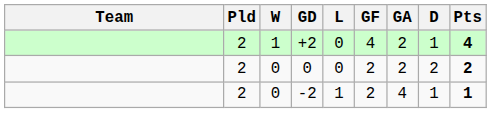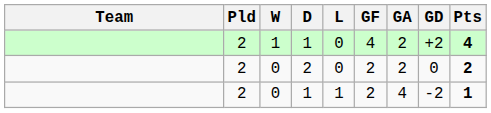 <table class="wikitable" style="text-align: center;">
 <tr>
 <th width=175>Team</th>
 <th width=20 abbr="Played">Pld</th>
 <th width=20 abbr="Won">W</th>
-<th width=20 abbr="Goal difference">GD</th>
+<th width=20 abbr="Drawn">D</th>
 <th width=20 abbr="Lost">L</th>
 <th width=20 abbr="Goals for">GF</th>
 <th width=20 abbr="Goals against">GA</th>
-<th width=20 abbr="Drawn">D</th>
+<th width=20 abbr="Goal difference">GD</th>
 <th width=20 abbr="Points">Pts</th>
 </tr>
 <tr bgcolor="#ccffcc">
 <td align=left></td>
 <td>2</td>
 <td>1</td>
-<td>+2</td>
+<td>1</td>
 <td>0</td>
 <td>4</td>
 <td>2</td>
-<td>1</td>
+<td>+2</td>
 <td><strong>4</strong></td>
 </tr>
 <tr>
 <td align=left></td>
 <td>2</td>
 <td>0</td>
-<td>0</td>
+<td>2</td>
 <td>0</td>
 <td>2</td>
 <td>2</td>
-<td>2</td>
+<td>0</td>
 <td><strong>2</strong></td>
 </tr>
 <tr>
 <td align=left></td>
 <td>2</td>
 <td>0</td>
-<td>-2</td>
+<td>1</td>
 <td>1</td>
 <td>2</td>
 <td>4</td>
-<td>1</td>
+<td>-2</td>
 <td><strong>1</strong></td>
 </tr>
 </table>
